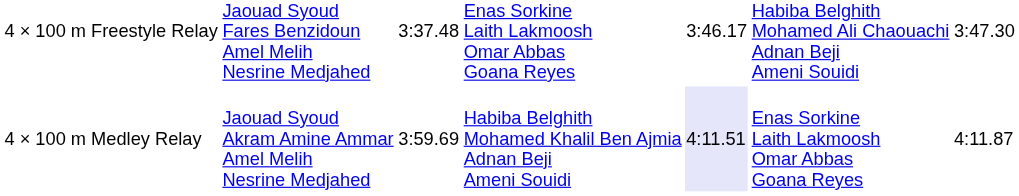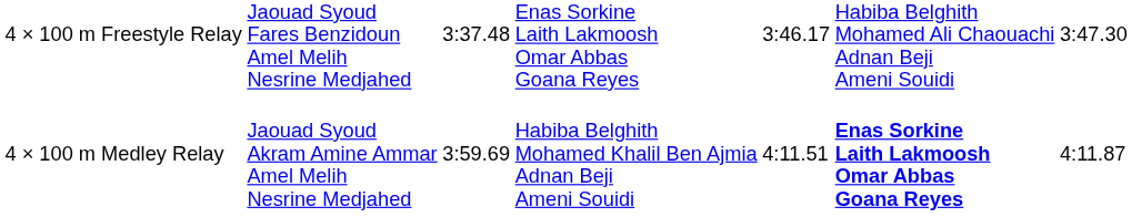 <table>
 <tr>
 <td>4 × 100 m Freestyle Relay</td>
 <td><br><a href='#'>Jaouad Syoud</a><br><a href='#'>Fares Benzidoun</a><br><a href='#'>Amel Melih</a><br><a href='#'>Nesrine Medjahed</a></td>
 <td>3:37.48</td>
 <td><br><a href='#'>Enas Sorkine</a><br><a href='#'>Laith Lakmoosh</a><br><a href='#'>Omar Abbas</a><br><a href='#'>Goana Reyes</a></td>
 <td>3:46.17</td>
 <td><br><a href='#'>Habiba Belghith</a><br><a href='#'>Mohamed Ali Chaouachi</a><br><a href='#'>Adnan Beji</a><br><a href='#'>Ameni Souidi</a></td>
 <td>3:47.30</td>
 </tr>
 <tr>
 <td>4 × 100 m Medley Relay</td>
 <td><br><a href='#'>Jaouad Syoud</a><br><a href='#'>Akram Amine Ammar</a><br><a href='#'>Amel Melih</a><br><a href='#'>Nesrine Medjahed</a></td>
 <td>3:59.69</td>
 <td><br><a href='#'>Habiba Belghith</a><br><a href='#'>Mohamed Khalil Ben Ajmia</a><br><a href='#'>Adnan Beji</a><br><a href='#'>Ameni Souidi</a></td>
-<td style="background: lavender;">4:11.51</td>
-<td><br><a href='#'>Enas Sorkine</a><br><a href='#'>Laith Lakmoosh</a><br><a href='#'>Omar Abbas</a><br><a href='#'>Goana Reyes</a></td>
+<td>4:11.51</td>
+<td><strong><br><a href='#'>Enas Sorkine</a><br><a href='#'>Laith Lakmoosh</a><br><a href='#'>Omar Abbas</a><br><a href='#'>Goana Reyes</a></strong></td>
 <td>4:11.87</td>
 </tr>
 </table>
